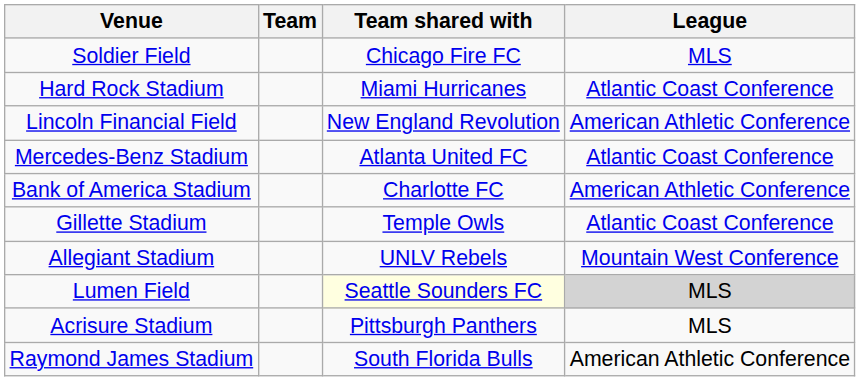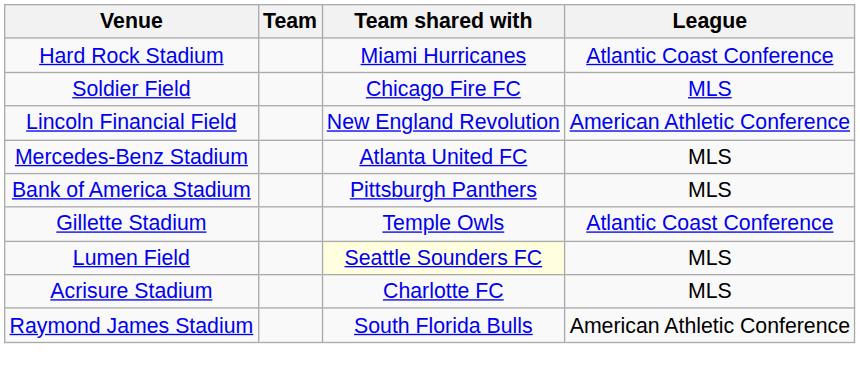 <table class="wikitable" style="text-align:center;">
 <tr>
 <th>Venue</th>
 <th>Team</th>
 <th>Team shared with</th>
 <th>League</th>
 </tr>
 <tr>
+<td><a href='#'>Hard Rock Stadium</a></td>
+<td><a href='#'></a></td>
+<td><a href='#'>Miami Hurricanes</a></td>
+<td><a href='#'>Atlantic Coast Conference</a></td>
+</tr>
+<tr>
 <td><a href='#'>Soldier Field</a></td>
 <td><a href='#'></a></td>
 <td><a href='#'>Chicago Fire FC</a></td>
 <td><a href='#'>MLS</a></td>
-</tr>
-<tr>
-<td><a href='#'>Hard Rock Stadium</a></td>
-<td><a href='#'></a></td>
-<td><a href='#'>Miami Hurricanes</a></td>
-<td><a href='#'>Atlantic Coast Conference</a></td>
 </tr>
 <tr>
 <td><a href='#'>Lincoln Financial Field</a></td>
 <td><a href='#'></a></td>
 <td><a href='#'>New England Revolution</a></td>
 <td><a href='#'>American Athletic Conference</a></td>
 </tr>
 <tr>
 <td><a href='#'>Mercedes-Benz Stadium</a></td>
 <td><a href='#'></a></td>
 <td><a href='#'>Atlanta United FC</a></td>
-<td><a href='#'>Atlantic Coast Conference</a></td>
+<td>MLS</td>
 </tr>
 <tr>
 <td><a href='#'>Bank of America Stadium</a></td>
 <td><a href='#'></a></td>
-<td><a href='#'>Charlotte FC</a></td>
-<td><a href='#'>American Athletic Conference</a></td>
+<td><a href='#'>Pittsburgh Panthers</a></td>
+<td>MLS</td>
 </tr>
 <tr>
 <td><a href='#'>Gillette Stadium</a></td>
 <td><a href='#'></a></td>
 <td><a href='#'>Temple Owls</a></td>
 <td><a href='#'>Atlantic Coast Conference</a></td>
 </tr>
 <tr>
-<td><a href='#'>Allegiant Stadium</a></td>
-<td><a href='#'></a></td>
-<td><a href='#'>UNLV Rebels</a></td>
-<td><a href='#'>Mountain West Conference</a></td>
-</tr>
-<tr>
 <td><a href='#'>Lumen Field</a></td>
 <td><a href='#'></a></td>
 <td style="background: lightyellow;"><a href='#'>Seattle Sounders FC</a></td>
-<td style="background: lightgrey;">MLS</td>
+<td>MLS</td>
 </tr>
 <tr>
 <td><a href='#'>Acrisure Stadium</a></td>
 <td><a href='#'></a></td>
-<td><a href='#'>Pittsburgh Panthers</a></td>
+<td><a href='#'>Charlotte FC</a></td>
 <td>MLS</td>
 </tr>
 <tr>
 <td><a href='#'>Raymond James Stadium</a></td>
 <td><a href='#'></a></td>
 <td><a href='#'>South Florida Bulls</a></td>
 <td>American Athletic Conference</td>
 </tr>
 </table>
